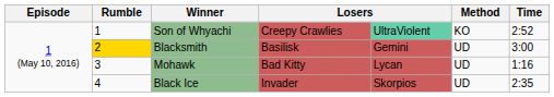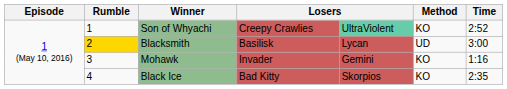 <table class="wikitable plainrowheaders" style="width:50%">
 <tr>
 <th>Episode</th>
 <th>Rumble</th>
 <th>Winner</th>
 <th colspan="2">Losers</th>
 <th>Method</th>
 <th>Time</th>
 </tr>
 <tr>
 <td style="text-align:center;" rowspan="4"><a href='#'>1</a><br><small>(May 10, 2016)</small></td>
 <td>1</td>
 <td style="background:DarkSeaGreen;">Son of Whyachi</td>
 <td style="background:IndianRed;">Creepy Crawlies</td>
 <td style="background:MediumAquamarine;">UltraViolent</td>
 <td>KO</td>
 <td>2:52</td>
 </tr>
 <tr>
 <td style="background: gold;">2</td>
 <td style="background:DarkSeaGreen;">Blacksmith</td>
 <td style="background:IndianRed;">Basilisk</td>
-<td style="background:IndianRed;">Gemini</td>
+<td style="background:IndianRed;">Lycan</td>
 <td>UD</td>
 <td>3:00</td>
 </tr>
 <tr>
 <td>3</td>
 <td style="background:DarkSeaGreen;">Mohawk</td>
-<td style="background:IndianRed;">Bad Kitty</td>
-<td style="background:IndianRed;">Lycan</td>
-<td>UD</td>
+<td style="background:IndianRed;">Invader</td>
+<td style="background:IndianRed;">Gemini</td>
+<td>KO</td>
 <td>1:16</td>
 </tr>
 <tr>
 <td>4</td>
 <td style="background:DarkSeaGreen;">Black Ice</td>
-<td style="background:IndianRed;">Invader</td>
+<td style="background:IndianRed;">Bad Kitty</td>
 <td style="background:IndianRed;">Skorpios</td>
-<td>UD</td>
+<td>KO</td>
 <td>2:35</td>
 </tr>
 </table>
